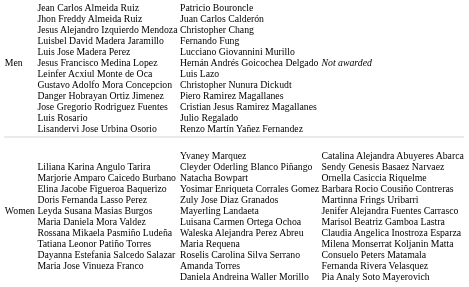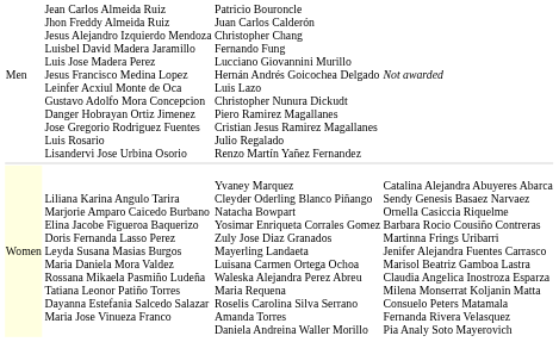 <table>
 <tr>
 <td>Men</td>
 <td><br>Jean Carlos Almeida Ruiz<br>Jhon Freddy Almeida Ruiz<br>Jesus Alejandro Izquierdo Mendoza<br>Luisbel David Madera Jaramillo<br>Luis Jose Madera Perez<br>Jesus Francisco Medina Lopez<br>Leinfer Acxiul Monte de Oca<br>Gustavo Adolfo Mora Concepcion<br>Danger Hobrayan Ortiz Jimenez<br>Jose Gregorio Rodriguez Fuentes<br>Luis Rosario<br>Lisandervi Jose Urbina Osorio</td>
 <td><br>Patricio Bouroncle<br>Juan Carlos Calderón<br>Christopher Chang<br>Fernando Fung<br>Lucciano Giovannini Murillo<br>Hernán Andrés Goicochea Delgado<br>Luis Lazo<br>Christopher Nunura Dickudt<br>Piero Ramirez Magallanes<br>Cristian Jesus Ramirez Magallanes<br>Julio Regalado<br>Renzo Martín Yañez Fernandez</td>
 <td><em>Not awarded</em></td>
 </tr>
 <tr bgcolor=#DDDDDD>
 <td colspan=7></td>
 </tr>
 <tr>
-<td>Women</td>
+<td style="background: lightyellow;">Women</td>
 <td><br>Liliana Karina Angulo Tarira<br>Marjorie Amparo Caicedo Burbano<br>Elina Jacobe Figueroa Baquerizo<br>Doris Fernanda Lasso Perez<br>Leyda Susana Masias Burgos<br>Maria Daniela Mora Valdez<br>Rossana Mikaela Pasmiño Ludeña<br>Tatiana Leonor Patiño Torres<br>Dayanna Estefania Salcedo Salazar<br>Maria Jose Vinueza Franco</td>
 <td><br>Yvaney Marquez<br>Cleyder Oderling Blanco Piñango<br>Natacha Bowpart<br>Yosimar Enriqueta Corrales Gomez<br>Zuly Jose Diaz Granados<br>Mayerling Landaeta<br>Luisana Carmen Ortega Ochoa<br>Waleska Alejandra Perez Abreu<br>Maria Requena<br>Roselis Carolina Silva Serrano<br>Amanda Torres<br>Daniela Andreina Waller Morillo</td>
 <td><br>Catalina Alejandra Abuyeres Abarca<br>Sendy Genesis Basaez Narvaez<br>Ornella Casiccia Riquelme<br>Barbara Rocio Cousiño Contreras<br>Martinna Frings Uribarri<br>Jenifer Alejandra Fuentes Carrasco<br>Marisol Beatriz Gamboa Lastra<br>Claudia Angelica Inostroza Esparza<br>Milena Monserrat Koljanin Matta<br>Consuelo Peters Matamala<br>Fernanda Rivera Velasquez<br>Pia Analy Soto Mayerovich</td>
 </tr>
 </table>
